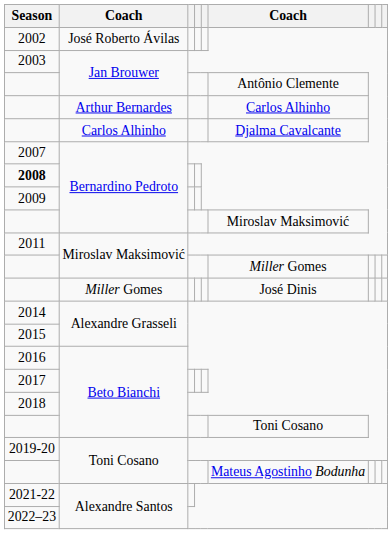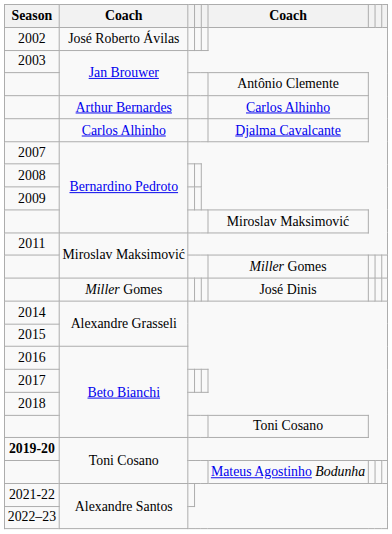 <table class="wikitable" style="text-align:center; font-size:90%">
 <tr>
 <th>Season</th>
 <th>Coach</th>
 <th></th>
 <th></th>
 <th></th>
 <th>Coach</th>
 <th></th>
 <th></th>
 <th></th>
 </tr>
 <tr>
 <td>2002</td>
 <td> José Roberto Ávilas</td>
 <td></td>
 <td></td>
 <td></td>
 </tr>
 <tr>
 <td>2003</td>
 <td rowspan=2> <a href='#'>Jan Brouwer</a></td>
 </tr>
 <tr>
 <td></td>
 <td colspan=3></td>
 <td> Antônio Clemente</td>
 </tr>
 <tr>
 <td></td>
 <td> <a href='#'>Arthur Bernardes</a></td>
 <td colspan=3></td>
 <td> <a href='#'>Carlos Alhinho</a></td>
 </tr>
 <tr>
 <td></td>
 <td> <a href='#'>Carlos Alhinho</a></td>
 <td colspan=3></td>
 <td> <a href='#'>Djalma Cavalcante</a></td>
 </tr>
 <tr>
 <td>2007</td>
 <td rowspan=4> <a href='#'>Bernardino Pedroto</a></td>
 </tr>
 <tr>
-<td><strong>2008</strong></td>
+<td>2008</td>
 <td></td>
 <td></td>
 </tr>
 <tr>
 <td>2009</td>
 <td></td>
 <td></td>
 </tr>
 <tr>
 <td></td>
 <td colspan=3></td>
 <td> Miroslav Maksimović</td>
 </tr>
 <tr>
 <td>2011</td>
 <td rowspan=2> Miroslav Maksimović</td>
 </tr>
 <tr>
 <td></td>
 <td colspan=3></td>
 <td> <em>Miller</em> Gomes</td>
 <td></td>
 <td></td>
 <td></td>
 </tr>
 <tr>
 <td></td>
 <td> <em>Miller</em> Gomes</td>
 <td></td>
 <td></td>
 <td></td>
 <td> José Dinis</td>
 <td></td>
 <td></td>
 <td></td>
 </tr>
 <tr>
 <td>2014</td>
 <td rowspan=2> Alexandre Grasseli</td>
 </tr>
 <tr>
 <td>2015</td>
 </tr>
 <tr>
 <td>2016</td>
 <td rowspan=4> <a href='#'>Beto Bianchi</a></td>
 </tr>
 <tr>
 <td>2017</td>
 <td></td>
 <td></td>
 <td></td>
 </tr>
 <tr>
 <td>2018</td>
 </tr>
 <tr>
 <td></td>
 <td colspan=3></td>
 <td> Toni Cosano</td>
 </tr>
 <tr>
-<td>2019-20</td>
+<td><strong>2019-20</strong></td>
 <td rowspan=2> Toni Cosano</td>
 </tr>
 <tr>
 <td></td>
 <td colspan=3></td>
 <td> <a href='#'>Mateus Agostinho</a> <em>Bodunha</em></td>
 <td></td>
 <td></td>
 <td></td>
 </tr>
 <tr>
 <td>2021-22</td>
 <td rowspan=2> Alexandre Santos</td>
 <td></td>
 </tr>
 <tr>
 <td>2022–23</td>
 </tr>
 </table>
